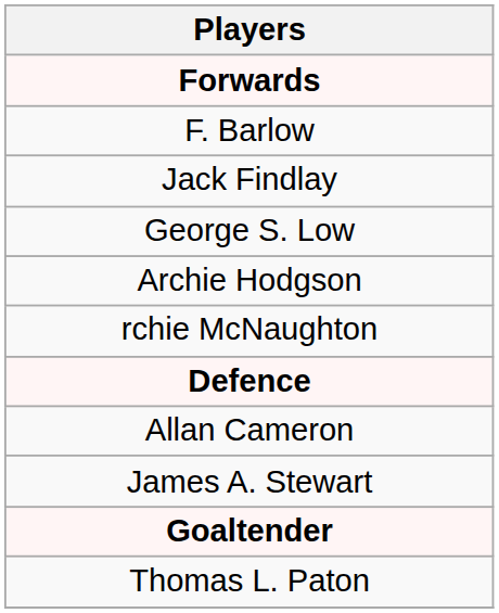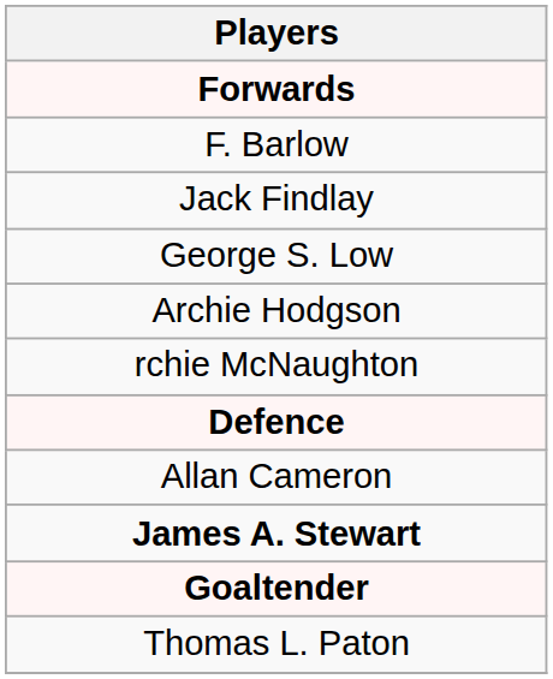 <table class="wikitable" style="text-align:center;">
 <tr>
 <th style="width: 240px;">Players</th>
 </tr>
 <tr style="font-weight:bold; background-color:#FFF5F5;">
 <td colspan="1" align="center"><strong>Forwards</strong></td>
 </tr>
 <tr>
 <td>F. Barlow</td>
 </tr>
 <tr>
 <td>Jack Findlay</td>
 </tr>
 <tr>
 <td>George S. Low</td>
 </tr>
 <tr>
 <td>Archie Hodgson</td>
 </tr>
 <tr>
 <td>rchie McNaughton</td>
 </tr>
 <tr style="font-weight:bold; background-color:#FFF5F5;">
 <td colspan="1" align="center"><strong>Defence</strong></td>
 </tr>
 <tr>
 <td>Allan Cameron</td>
 </tr>
 <tr>
-<td>James A. Stewart</td>
+<td><strong>James A. Stewart</strong></td>
 </tr>
 <tr style="font-weight:bold; background-color:#FFF5F5;">
 <td colspan="1" align="center"><strong>Goaltender</strong></td>
 </tr>
 <tr>
 <td>Thomas L. Paton</td>
 </tr>
 <tr>
 </tr>
 </table>
